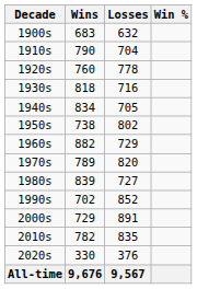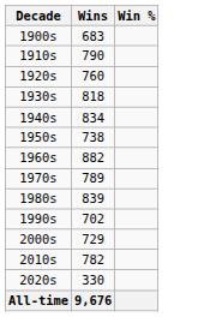 <table class="wikitable" style="text-align:center">
 <tr>
 <th style="text-align:center; ">Decade</th>
 <th style="text-align:center; ">Wins</th>
-<th style="text-align:center; ">Losses</th>
 <th style="text-align:center; ">Win %</th>
 </tr>
 <tr>
 <td>1900s</td>
 <td>683</td>
-<td>632</td>
 <td></td>
 </tr>
 <tr>
 <td>1910s</td>
 <td>790</td>
-<td>704</td>
 <td></td>
 </tr>
 <tr>
 <td>1920s</td>
 <td>760</td>
-<td>778</td>
 <td></td>
 </tr>
 <tr>
 <td>1930s</td>
 <td>818</td>
-<td>716</td>
 <td></td>
 </tr>
 <tr>
 <td>1940s</td>
 <td>834</td>
-<td>705</td>
 <td></td>
 </tr>
 <tr>
 <td>1950s</td>
 <td>738</td>
-<td>802</td>
 <td></td>
 </tr>
 <tr>
 <td>1960s</td>
 <td>882</td>
-<td>729</td>
 <td></td>
 </tr>
 <tr>
 <td>1970s</td>
 <td>789</td>
-<td>820</td>
 <td></td>
 </tr>
 <tr>
 <td>1980s</td>
 <td>839</td>
-<td>727</td>
 <td></td>
 </tr>
 <tr>
 <td>1990s</td>
 <td>702</td>
-<td>852</td>
 <td></td>
 </tr>
 <tr>
 <td>2000s</td>
 <td>729</td>
-<td>891</td>
 <td></td>
 </tr>
 <tr>
 <td>2010s</td>
 <td>782</td>
-<td>835</td>
 <td></td>
 </tr>
 <tr>
 <td>2020s</td>
 <td>330</td>
-<td>376</td>
 <td></td>
 </tr>
 <tr style="background:#f0f0f0; font-weight:bold">
 <th style="text-align:center; ">All-time</th>
 <th style="text-align:center; ">9,676</th>
-<th style="text-align:center; ">9,567</th>
 <th style="text-align:center; "></th>
 </tr>
 </table>
